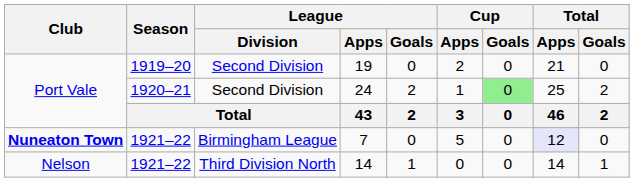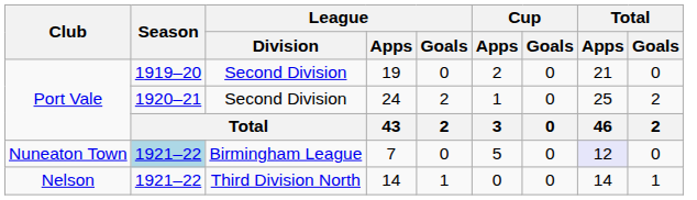 <table class="wikitable" style="text-align: center;">
 <tr>
 <th rowspan="2">Club</th>
 <th rowspan="2">Season</th>
 <th colspan="3">League</th>
 <th colspan="2">Cup</th>
 <th colspan="2">Total</th>
 </tr>
 <tr>
 <th>Division</th>
 <th>Apps</th>
 <th>Goals</th>
 <th>Apps</th>
 <th>Goals</th>
 <th>Apps</th>
 <th>Goals</th>
 </tr>
 <tr>
 <td rowspan="3"><a href='#'>Port Vale</a></td>
 <td><a href='#'>1919–20</a></td>
 <td><a href='#'>Second Division</a></td>
 <td>19</td>
 <td>0</td>
 <td>2</td>
 <td>0</td>
 <td>21</td>
 <td>0</td>
 </tr>
 <tr>
 <td><a href='#'>1920–21</a></td>
 <td>Second Division</td>
 <td>24</td>
 <td>2</td>
 <td>1</td>
-<td style="background: lightgreen;">0</td>
+<td>0</td>
 <td>25</td>
 <td>2</td>
 </tr>
 <tr>
 <th colspan="2">Total</th>
 <th>43</th>
 <th>2</th>
 <th>3</th>
 <th>0</th>
 <th>46</th>
 <th>2</th>
 </tr>
 <tr>
-<td><strong><a href='#'>Nuneaton Town</a></strong></td>
-<td><a href='#'>1921–22</a></td>
+<td><a href='#'>Nuneaton Town</a></td>
+<td style="background: lightblue;"><a href='#'>1921–22</a></td>
 <td><a href='#'>Birmingham League</a></td>
 <td>7</td>
 <td>0</td>
 <td>5</td>
 <td>0</td>
 <td style="background: lavender;">12</td>
 <td>0</td>
 </tr>
 <tr>
 <td><a href='#'>Nelson</a></td>
 <td><a href='#'>1921–22</a></td>
 <td><a href='#'>Third Division North</a></td>
 <td>14</td>
 <td>1</td>
 <td>0</td>
 <td>0</td>
 <td>14</td>
 <td>1</td>
 </tr>
 </table>
